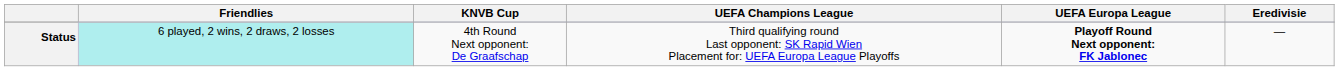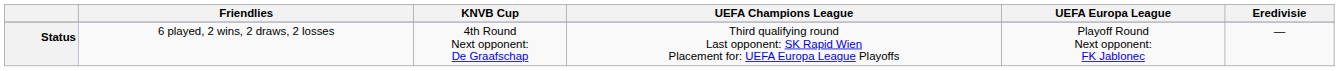 <table class="wikitable" style="width:100%; font-size:85%;">
 <tr>
 <th></th>
 <th style="border-bottom:1px solid #B5B7CF;">Friendlies</th>
 <th style="border-bottom:1px solid #B5B7CF;">KNVB Cup</th>
 <th style="border-bottom:1px solid #B5B7CF;">UEFA Champions League</th>
 <th style="border-bottom:1px solid #B5B7CF;">UEFA Europa League</th>
 <th style="border-bottom:1px solid #B5B7CF;">Eredivisie</th>
 </tr>
 <tr>
 </tr>
 <tr style="font-size:100%;" valign="top">
 <th style="border-right:1px solid #B5B7CF;text-align:right;padding-top:10px;">Status</th>
-<td align=center style="background: paleturquoise;">6 played, 2 wins, 2 draws, 2 losses</td>
+<td align=center>6 played, 2 wins, 2 draws, 2 losses</td>
 <td align=center>4th Round<br>Next opponent:<br><a href='#'>De Graafschap</a></td>
 <td align=center>Third qualifying round<br>Last opponent: <a href='#'>SK Rapid Wien</a><br>Placement for: <a href='#'>UEFA Europa League</a> Playoffs</td>
-<td align=center><strong>Playoff Round<br>Next opponent:<br><a href='#'>FK Jablonec</a></strong></td>
+<td align=center>Playoff Round<br>Next opponent:<br><a href='#'>FK Jablonec</a></td>
 <td align=center>—</td>
 </tr>
 </table>
